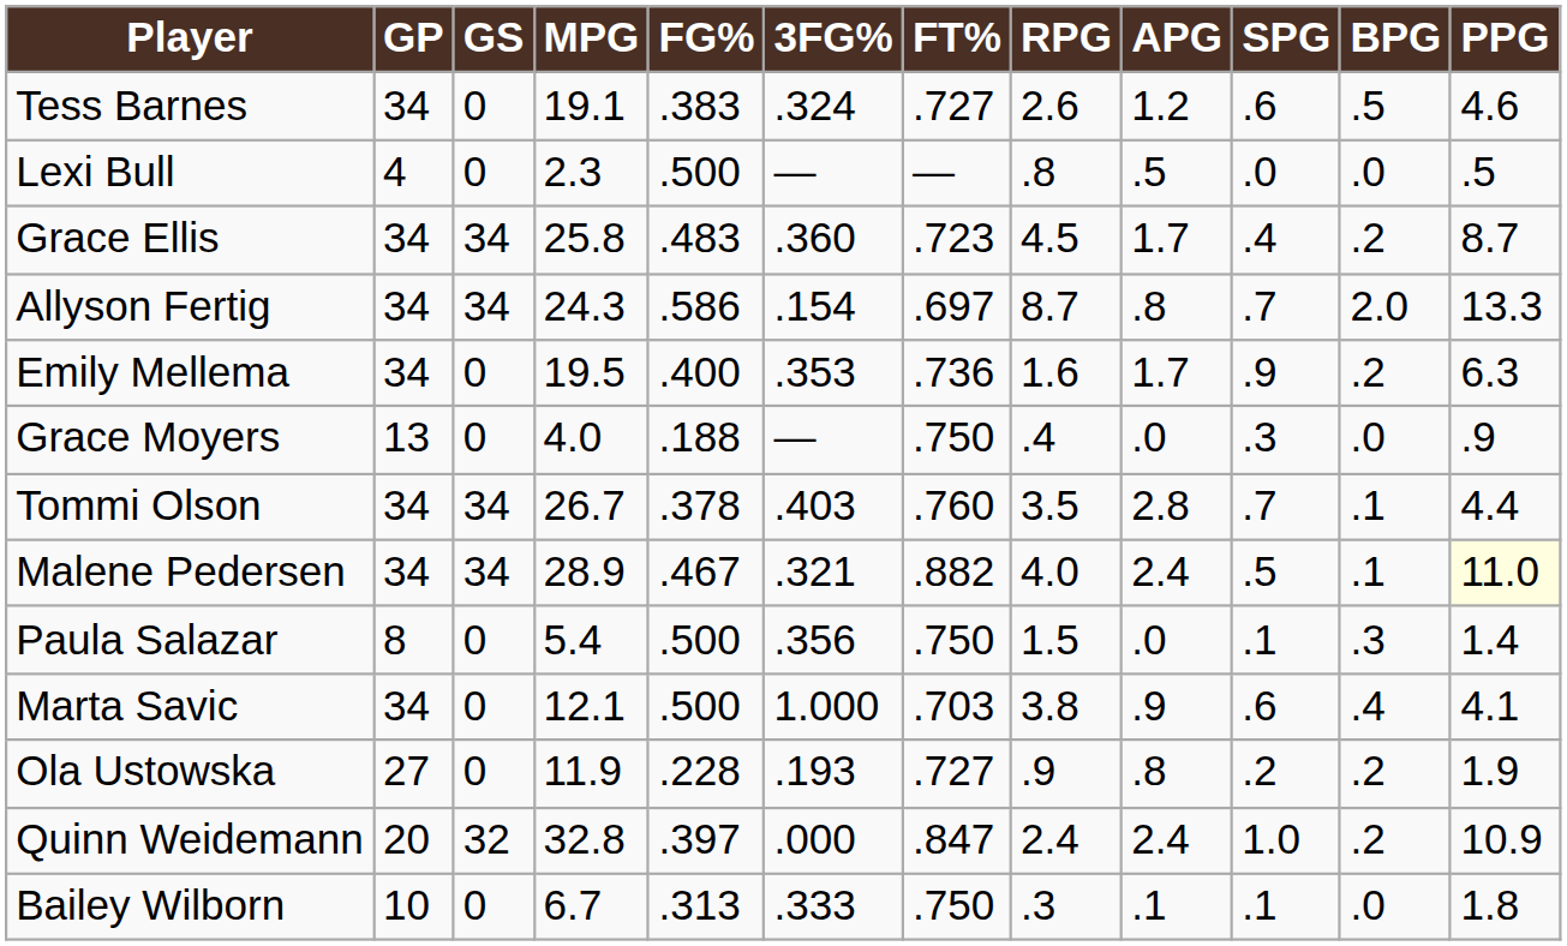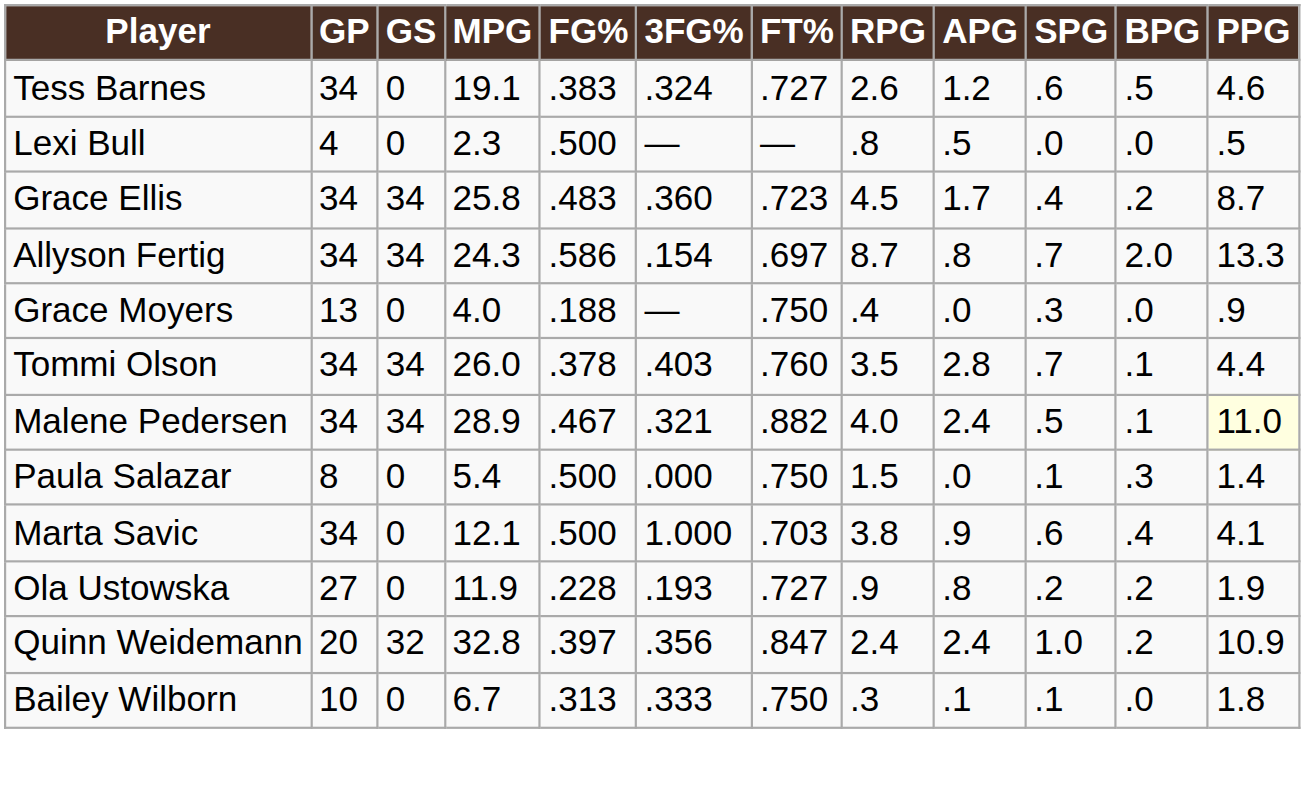 <table class="wikitable sortable">
 <tr>
 <th style="background:#492f24; color:white">Player</th>
 <th style="background:#492f24; color:white">GP</th>
 <th style="background:#492f24; color:white">GS</th>
 <th style="background:#492f24; color:white">MPG</th>
 <th style="background:#492f24; color:white">FG%</th>
 <th style="background:#492f24; color:white">3FG%</th>
 <th style="background:#492f24; color:white">FT%</th>
 <th style="background:#492f24; color:white;">RPG</th>
 <th style="background:#492f24; color:white;">APG</th>
 <th style="background:#492f24; color:white;">SPG</th>
 <th style="background:#492f24; color:white;">BPG</th>
 <th style="background:#492f24; color:white;">PPG</th>
 </tr>
 <tr>
 <td>Tess Barnes</td>
 <td>34</td>
 <td>0</td>
 <td>19.1</td>
 <td>.383</td>
 <td>.324</td>
 <td>.727</td>
 <td>2.6</td>
 <td>1.2</td>
 <td>.6</td>
 <td>.5</td>
 <td>4.6</td>
 </tr>
 <tr>
 <td>Lexi Bull</td>
 <td>4</td>
 <td>0</td>
 <td>2.3</td>
 <td>.500</td>
 <td>—</td>
 <td>—</td>
 <td>.8</td>
 <td>.5</td>
 <td>.0</td>
 <td>.0</td>
 <td>.5</td>
 </tr>
 <tr>
 <td>Grace Ellis</td>
 <td>34</td>
 <td>34</td>
 <td>25.8</td>
 <td>.483</td>
 <td>.360</td>
 <td>.723</td>
 <td>4.5</td>
 <td>1.7</td>
 <td>.4</td>
 <td>.2</td>
 <td>8.7</td>
 </tr>
 <tr>
 <td>Allyson Fertig</td>
 <td>34</td>
 <td>34</td>
 <td>24.3</td>
 <td>.586</td>
 <td>.154</td>
 <td>.697</td>
 <td>8.7</td>
 <td>.8</td>
 <td>.7</td>
 <td>2.0</td>
 <td>13.3</td>
 </tr>
 <tr>
-<td>Emily Mellema</td>
-<td>34</td>
-<td>0</td>
-<td>19.5</td>
-<td>.400</td>
-<td>.353</td>
-<td>.736</td>
-<td>1.6</td>
-<td>1.7</td>
-<td>.9</td>
-<td>.2</td>
-<td>6.3</td>
-</tr>
-<tr>
 <td>Grace Moyers</td>
 <td>13</td>
 <td>0</td>
 <td>4.0</td>
 <td>.188</td>
 <td>—</td>
 <td>.750</td>
 <td>.4</td>
 <td>.0</td>
 <td>.3</td>
 <td>.0</td>
 <td>.9</td>
 </tr>
 <tr>
 <td>Tommi Olson</td>
 <td>34</td>
 <td>34</td>
-<td>26.7</td>
+<td>26.0</td>
 <td>.378</td>
 <td>.403</td>
 <td>.760</td>
 <td>3.5</td>
 <td>2.8</td>
 <td>.7</td>
 <td>.1</td>
 <td>4.4</td>
 </tr>
 <tr>
 <td>Malene Pedersen</td>
 <td>34</td>
 <td>34</td>
 <td>28.9</td>
 <td>.467</td>
 <td>.321</td>
 <td>.882</td>
 <td>4.0</td>
 <td>2.4</td>
 <td>.5</td>
 <td>.1</td>
 <td style="background: lightyellow;">11.0</td>
 </tr>
 <tr>
 <td>Paula Salazar</td>
 <td>8</td>
 <td>0</td>
 <td>5.4</td>
 <td>.500</td>
-<td>.356</td>
+<td>.000</td>
 <td>.750</td>
 <td>1.5</td>
 <td>.0</td>
 <td>.1</td>
 <td>.3</td>
 <td>1.4</td>
 </tr>
 <tr>
 <td>Marta Savic</td>
 <td>34</td>
 <td>0</td>
 <td>12.1</td>
 <td>.500</td>
 <td>1.000</td>
 <td>.703</td>
 <td>3.8</td>
 <td>.9</td>
 <td>.6</td>
 <td>.4</td>
 <td>4.1</td>
 </tr>
 <tr>
 <td>Ola Ustowska</td>
 <td>27</td>
 <td>0</td>
 <td>11.9</td>
 <td>.228</td>
 <td>.193</td>
 <td>.727</td>
 <td>.9</td>
 <td>.8</td>
 <td>.2</td>
 <td>.2</td>
 <td>1.9</td>
 </tr>
 <tr>
 <td>Quinn Weidemann</td>
 <td>20</td>
 <td>32</td>
 <td>32.8</td>
 <td>.397</td>
-<td>.000</td>
+<td>.356</td>
 <td>.847</td>
 <td>2.4</td>
 <td>2.4</td>
 <td>1.0</td>
 <td>.2</td>
 <td>10.9</td>
 </tr>
 <tr>
 <td>Bailey Wilborn</td>
 <td>10</td>
 <td>0</td>
 <td>6.7</td>
 <td>.313</td>
 <td>.333</td>
 <td>.750</td>
 <td>.3</td>
 <td>.1</td>
 <td>.1</td>
 <td>.0</td>
 <td>1.8</td>
 </tr>
 </table>
